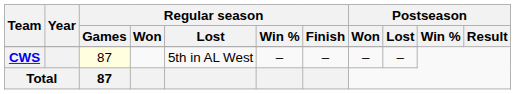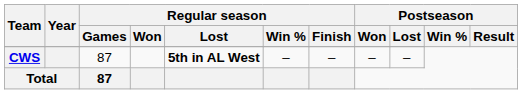 <table class="wikitable" style="font-size: 95%; text-align:center;">
 <tr>
 <th rowspan="2">Team</th>
 <th rowspan="2">Year</th>
 <th colspan="5">Regular season</th>
 <th colspan="4">Postseason</th>
 </tr>
 <tr>
 <th>Games</th>
 <th>Won</th>
 <th>Lost</th>
 <th>Win %</th>
 <th>Finish</th>
 <th>Won</th>
 <th>Lost</th>
 <th>Win %</th>
 <th>Result</th>
 </tr>
 <tr>
 </tr>
 <tr>
 <th><a href='#'>CWS</a></th>
 <th></th>
-<td style="background: lightyellow;">87</td>
+<td>87</td>
 <td></td>
-<td>5th in AL West</td>
+<td><strong>5th in AL West</strong></td>
 <td>–</td>
 <td>–</td>
 <td>–</td>
 <td>–</td>
 </tr>
 <tr>
 <th colspan="2">Total</th>
 <th>87</th>
 <th></th>
 <th></th>
 <th></th>
 <th></th>
 </tr>
 </table>
